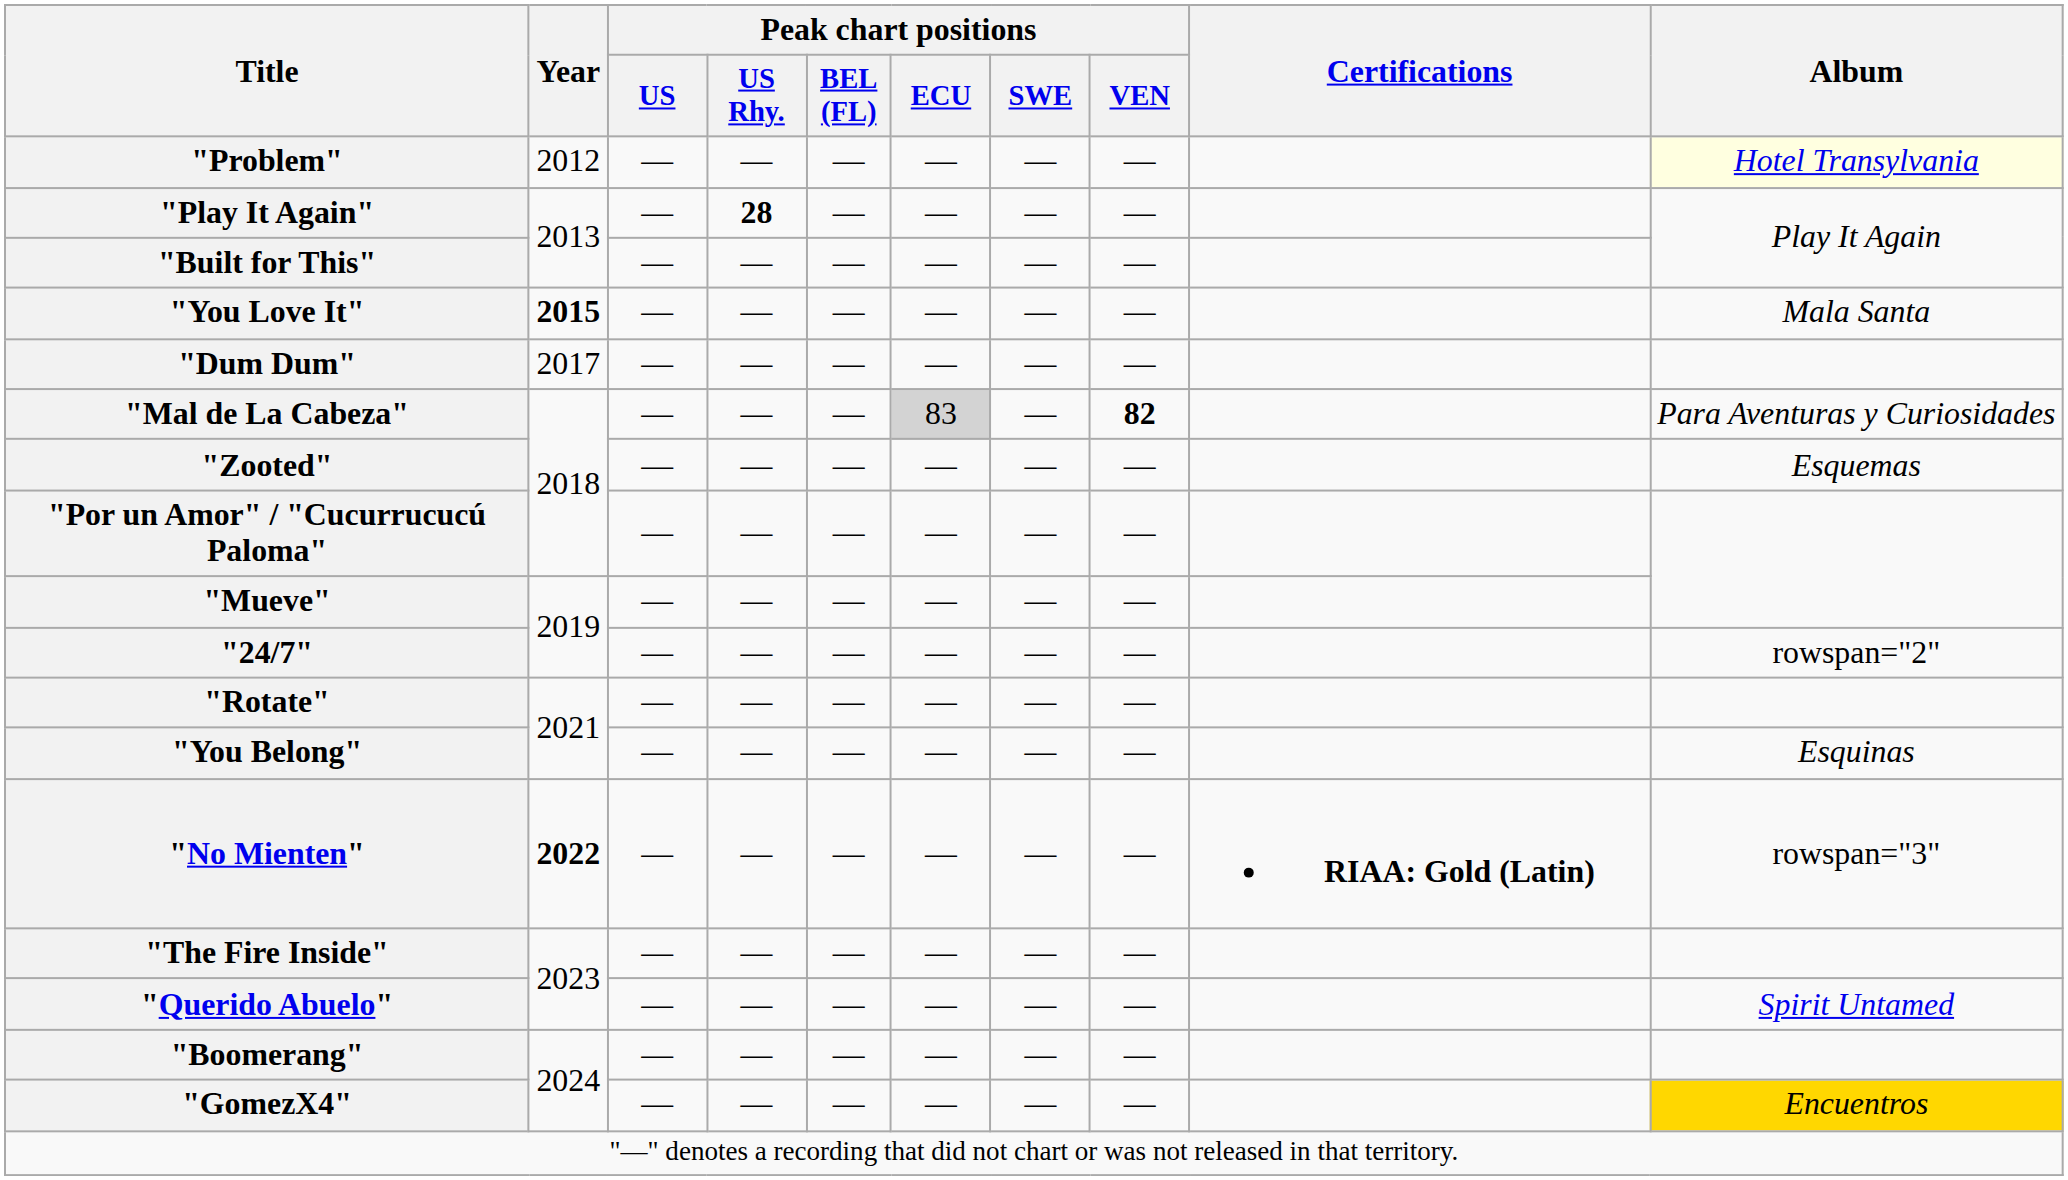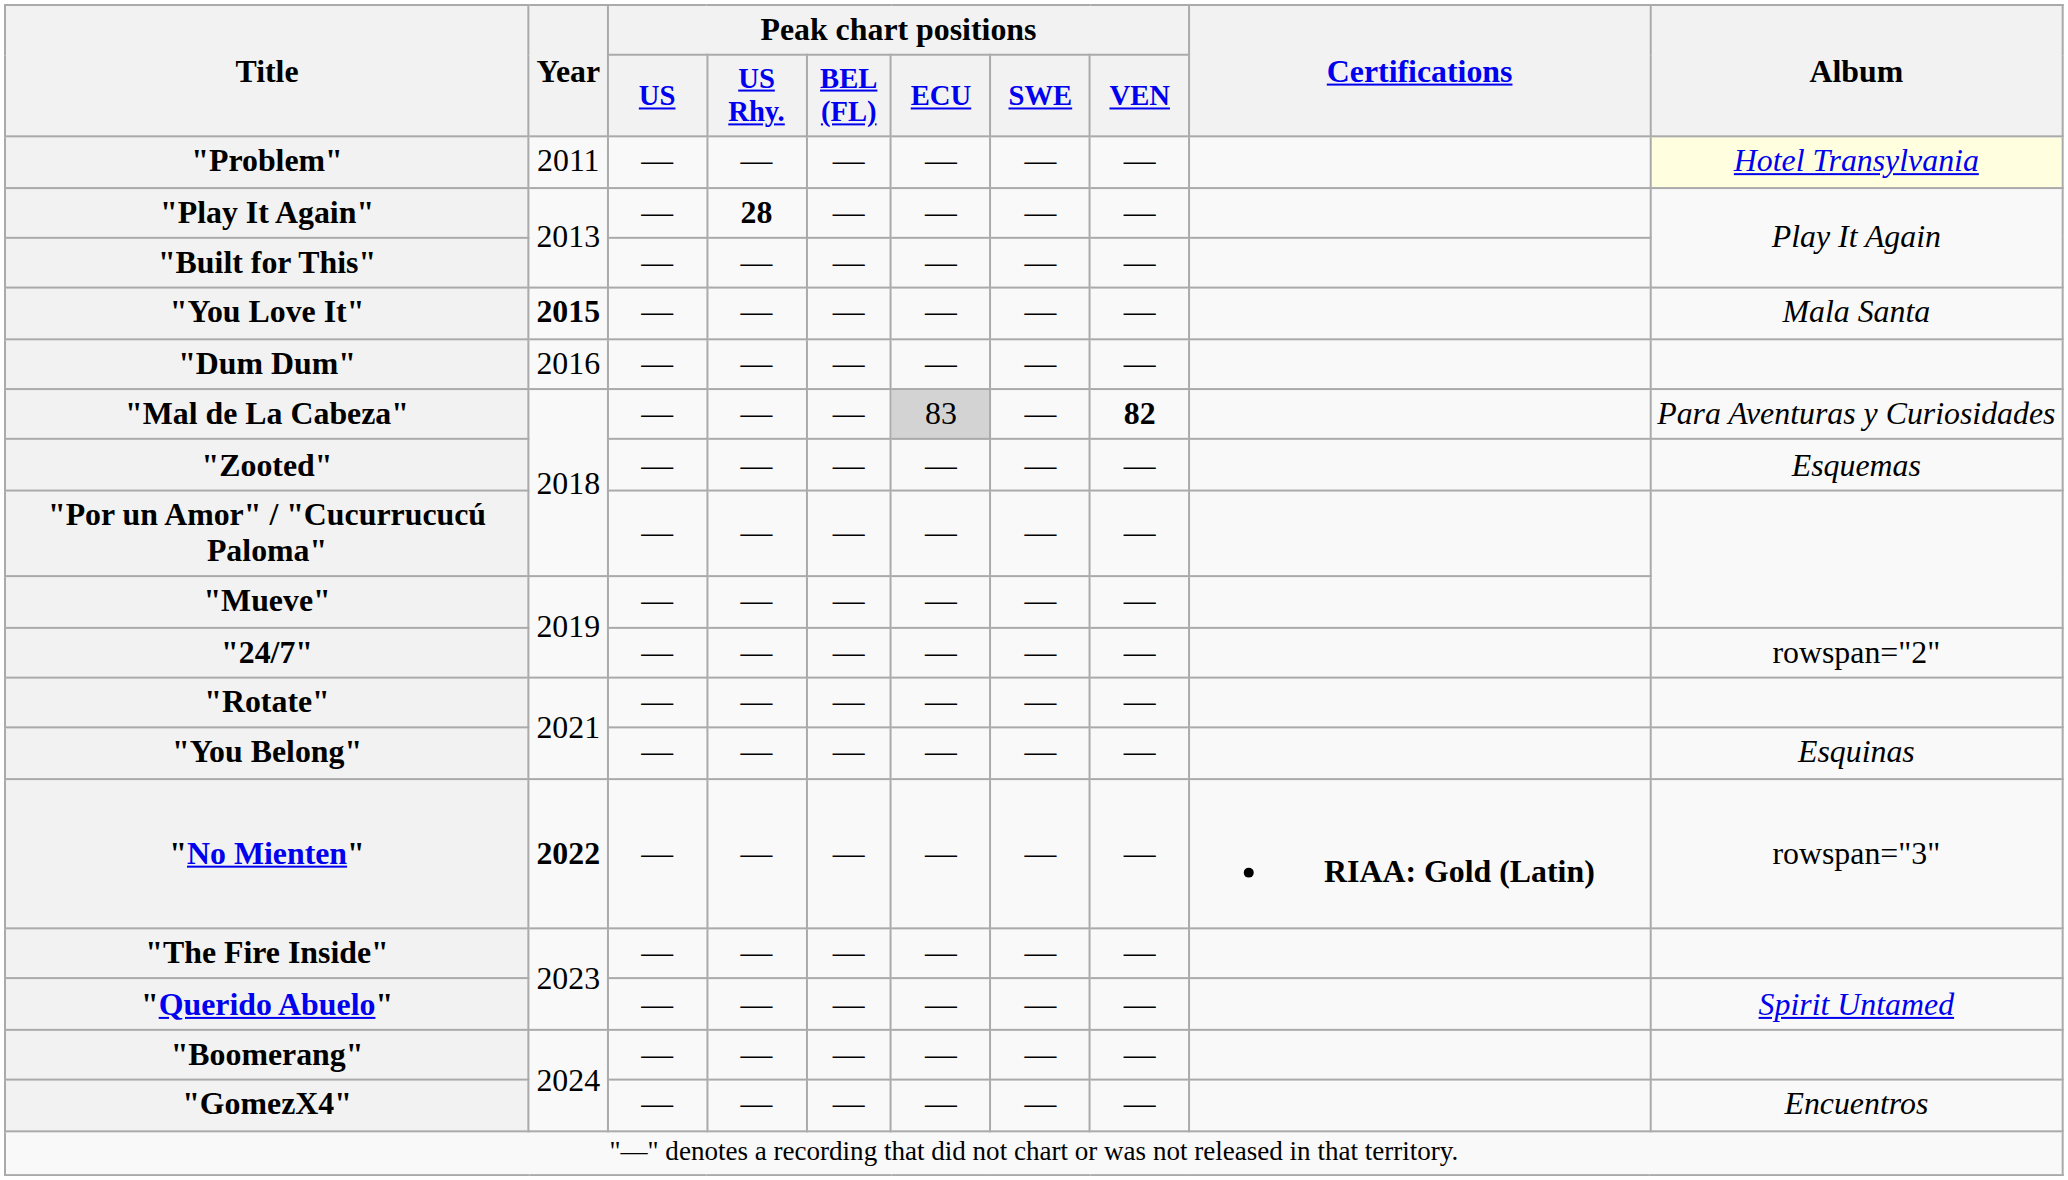 <table class="wikitable plainrowheaders" style="text-align:center;">
 <tr>
 <th scope="col" rowspan="2" style="width:16em;">Title</th>
 <th scope="col" rowspan="2">Year</th>
 <th scope="col" colspan="6">Peak chart positions</th>
 <th scope="col" rowspan="2" style="width:14em;"><a href='#'>Certifications</a></th>
 <th scope="col" rowspan="2">Album</th>
 </tr>
 <tr>
 <th scope="col" style="width:3em;font-size:90%;"><a href='#'>US</a><br></th>
 <th scope="col" style="width:3em;font-size:90%;"><a href='#'>US<br>Rhy.</a><br></th>
 <th scope="col" style="width:2.5em;font-size:90%;"><a href='#'>BEL<br>(FL)</a><br></th>
 <th scope="col" style="width:3em;font-size:90%;"><a href='#'>ECU</a><br></th>
 <th scope="col" style="width:3em;font-size:90%;"><a href='#'>SWE</a><br></th>
 <th scope="col" style="width:3em;font-size:90%;"><a href='#'>VEN</a><br></th>
 </tr>
 <tr>
 <th scope="row">"Problem" <br></th>
-<td>2012</td>
+<td>2011</td>
 <td>—</td>
 <td>—</td>
 <td>—</td>
 <td>—</td>
 <td>—</td>
 <td>—</td>
 <td></td>
 <td style="background: lightyellow;"><em><a href='#'>Hotel Transylvania</a></em></td>
 </tr>
 <tr>
 <th scope="row">"Play It Again"</th>
 <td rowspan="2">2013</td>
 <td>—</td>
 <td><strong>28</strong></td>
 <td>—</td>
 <td>—</td>
 <td>—</td>
 <td>—</td>
 <td></td>
 <td rowspan="2"><em>Play It Again</em></td>
 </tr>
 <tr>
 <th scope="row">"Built for This"</th>
 <td>—</td>
 <td>—</td>
 <td>—</td>
 <td>—</td>
 <td>—</td>
 <td>—</td>
 <td></td>
 </tr>
 <tr>
 <th scope="row">"You Love It"</th>
 <td><strong>2015</strong></td>
 <td>—</td>
 <td>—</td>
 <td>—</td>
 <td>—</td>
 <td>—</td>
 <td>—</td>
 <td></td>
 <td><em>Mala Santa</em></td>
 </tr>
 <tr>
 <th scope="row">"Dum Dum"<br></th>
-<td>2017</td>
+<td>2016</td>
 <td>—</td>
 <td>—</td>
 <td>—</td>
 <td>—</td>
 <td>—</td>
 <td>—</td>
 <td></td>
 </tr>
 <tr>
 <th scope="row">"Mal de La Cabeza"<br></th>
 <td rowspan="3">2018</td>
 <td>—</td>
 <td>—</td>
 <td>—</td>
 <td style="background: lightgrey;">83</td>
 <td>—</td>
 <td><strong>82</strong></td>
 <td></td>
 <td><em>Para Aventuras y Curiosidades</em></td>
 </tr>
 <tr>
 <th scope="row">"Zooted"<br></th>
 <td>—</td>
 <td>—</td>
 <td>—</td>
 <td>—</td>
 <td>—</td>
 <td>—</td>
 <td></td>
 <td><em>Esquemas</em></td>
 </tr>
 <tr>
 <th scope="row">"Por un Amor" / "Cucurrucucú Paloma"</th>
 <td>—</td>
 <td>—</td>
 <td>—</td>
 <td>—</td>
 <td>—</td>
 <td>—</td>
 <td></td>
 </tr>
 <tr>
 <th scope="row">"Mueve"<br></th>
 <td rowspan="2">2019</td>
 <td>—</td>
 <td>—</td>
 <td>—</td>
 <td>—</td>
 <td>—</td>
 <td>—</td>
 <td></td>
 </tr>
 <tr>
 <th scope="row">"24/7"</th>
 <td>—</td>
 <td>—</td>
 <td>—</td>
 <td>—</td>
 <td>—</td>
 <td>—</td>
 <td></td>
 <td>rowspan="2" </td>
 </tr>
 <tr>
 <th scope="row">"Rotate"<br></th>
 <td rowspan="2">2021</td>
 <td>—</td>
 <td>—</td>
 <td>—</td>
 <td>—</td>
 <td>—</td>
 <td>—</td>
 <td></td>
 <td></td>
 </tr>
 <tr>
 <th scope="row">"You Belong"</th>
 <td>—</td>
 <td>—</td>
 <td>—</td>
 <td>—</td>
 <td>—</td>
 <td>—</td>
 <td></td>
 <td><em>Esquinas</em></td>
 </tr>
 <tr>
 <th scope="row">"<a href='#'>No Mienten</a>"</th>
 <td><strong>2022</strong></td>
 <td>—</td>
 <td>—</td>
 <td>—</td>
 <td>—</td>
 <td>—</td>
 <td>—</td>
 <td><strong><br><ul><li>RIAA: Gold <span>(Latin)</span></li></ul></strong></td>
 <td>rowspan="3" </td>
 </tr>
 <tr>
 <th scope="row">"The Fire Inside"</th>
 <td rowspan="2">2023</td>
 <td>—</td>
 <td>—</td>
 <td>—</td>
 <td>—</td>
 <td>—</td>
 <td>—</td>
 <td></td>
 <td></td>
 </tr>
 <tr>
 <th scope="row">"<a href='#'>Querido Abuelo</a>"</th>
 <td>—</td>
 <td>—</td>
 <td>—</td>
 <td>—</td>
 <td>—</td>
 <td>—</td>
 <td></td>
 <td><em><a href='#'>Spirit Untamed</a></em></td>
 </tr>
 <tr>
 <th scope="row">"Boomerang"</th>
 <td rowspan="2">2024</td>
 <td>—</td>
 <td>—</td>
 <td>—</td>
 <td>—</td>
 <td>—</td>
 <td>—</td>
 <td></td>
 <td></td>
 </tr>
 <tr>
 <th scope="row">"GomezX4"</th>
 <td>—</td>
 <td>—</td>
 <td>—</td>
 <td>—</td>
 <td>—</td>
 <td>—</td>
 <td></td>
-<td style="background: gold;"><em>Encuentros</em></td>
+<td><em>Encuentros</em></td>
 </tr>
 <tr>
 <td colspan="15" style="text-align:center; font-size:85%;">"—" denotes a recording that did not chart or was not released in that territory.</td>
 </tr>
 </table>
